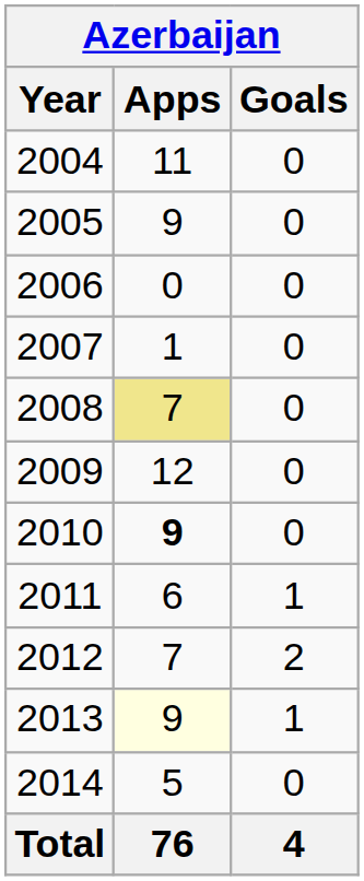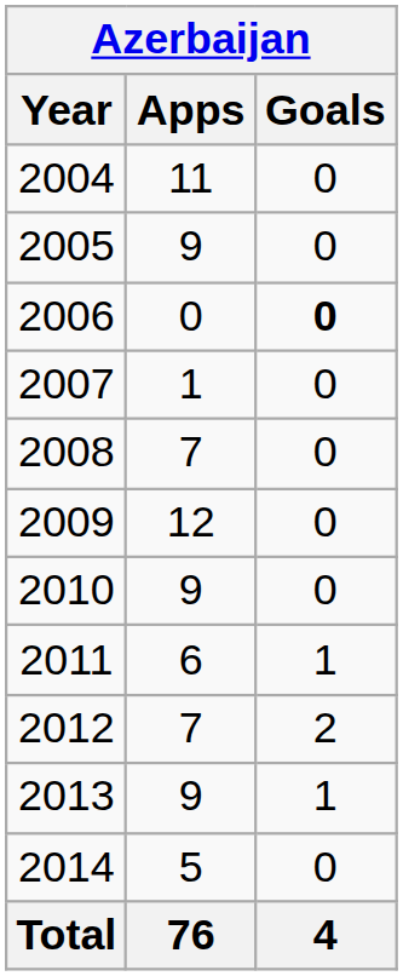 <table class="wikitable" style="text-align:center">
 <tr>
 <th colspan=3><a href='#'>Azerbaijan</a></th>
 </tr>
 <tr>
 <th>Year</th>
 <th>Apps</th>
 <th>Goals</th>
 </tr>
 <tr>
 <td>2004</td>
 <td>11</td>
 <td>0</td>
 </tr>
 <tr>
 <td>2005</td>
 <td>9</td>
 <td>0</td>
 </tr>
 <tr>
 <td>2006</td>
 <td>0</td>
-<td>0</td>
+<td><strong>0</strong></td>
 </tr>
 <tr>
 <td>2007</td>
 <td>1</td>
 <td>0</td>
 </tr>
 <tr>
 <td>2008</td>
-<td style="background: khaki;">7</td>
+<td>7</td>
 <td>0</td>
 </tr>
 <tr>
 <td>2009</td>
 <td>12</td>
 <td>0</td>
 </tr>
 <tr>
 <td>2010</td>
-<td><strong>9</strong></td>
+<td>9</td>
 <td>0</td>
 </tr>
 <tr>
 <td>2011</td>
 <td>6</td>
 <td>1</td>
 </tr>
 <tr>
 <td>2012</td>
 <td>7</td>
 <td>2</td>
 </tr>
 <tr>
 <td>2013</td>
-<td style="background: lightyellow;">9</td>
+<td>9</td>
 <td>1</td>
 </tr>
 <tr>
 <td>2014</td>
 <td>5</td>
 <td>0</td>
 </tr>
 <tr>
 <th>Total</th>
 <th>76</th>
 <th>4</th>
 </tr>
 </table>
